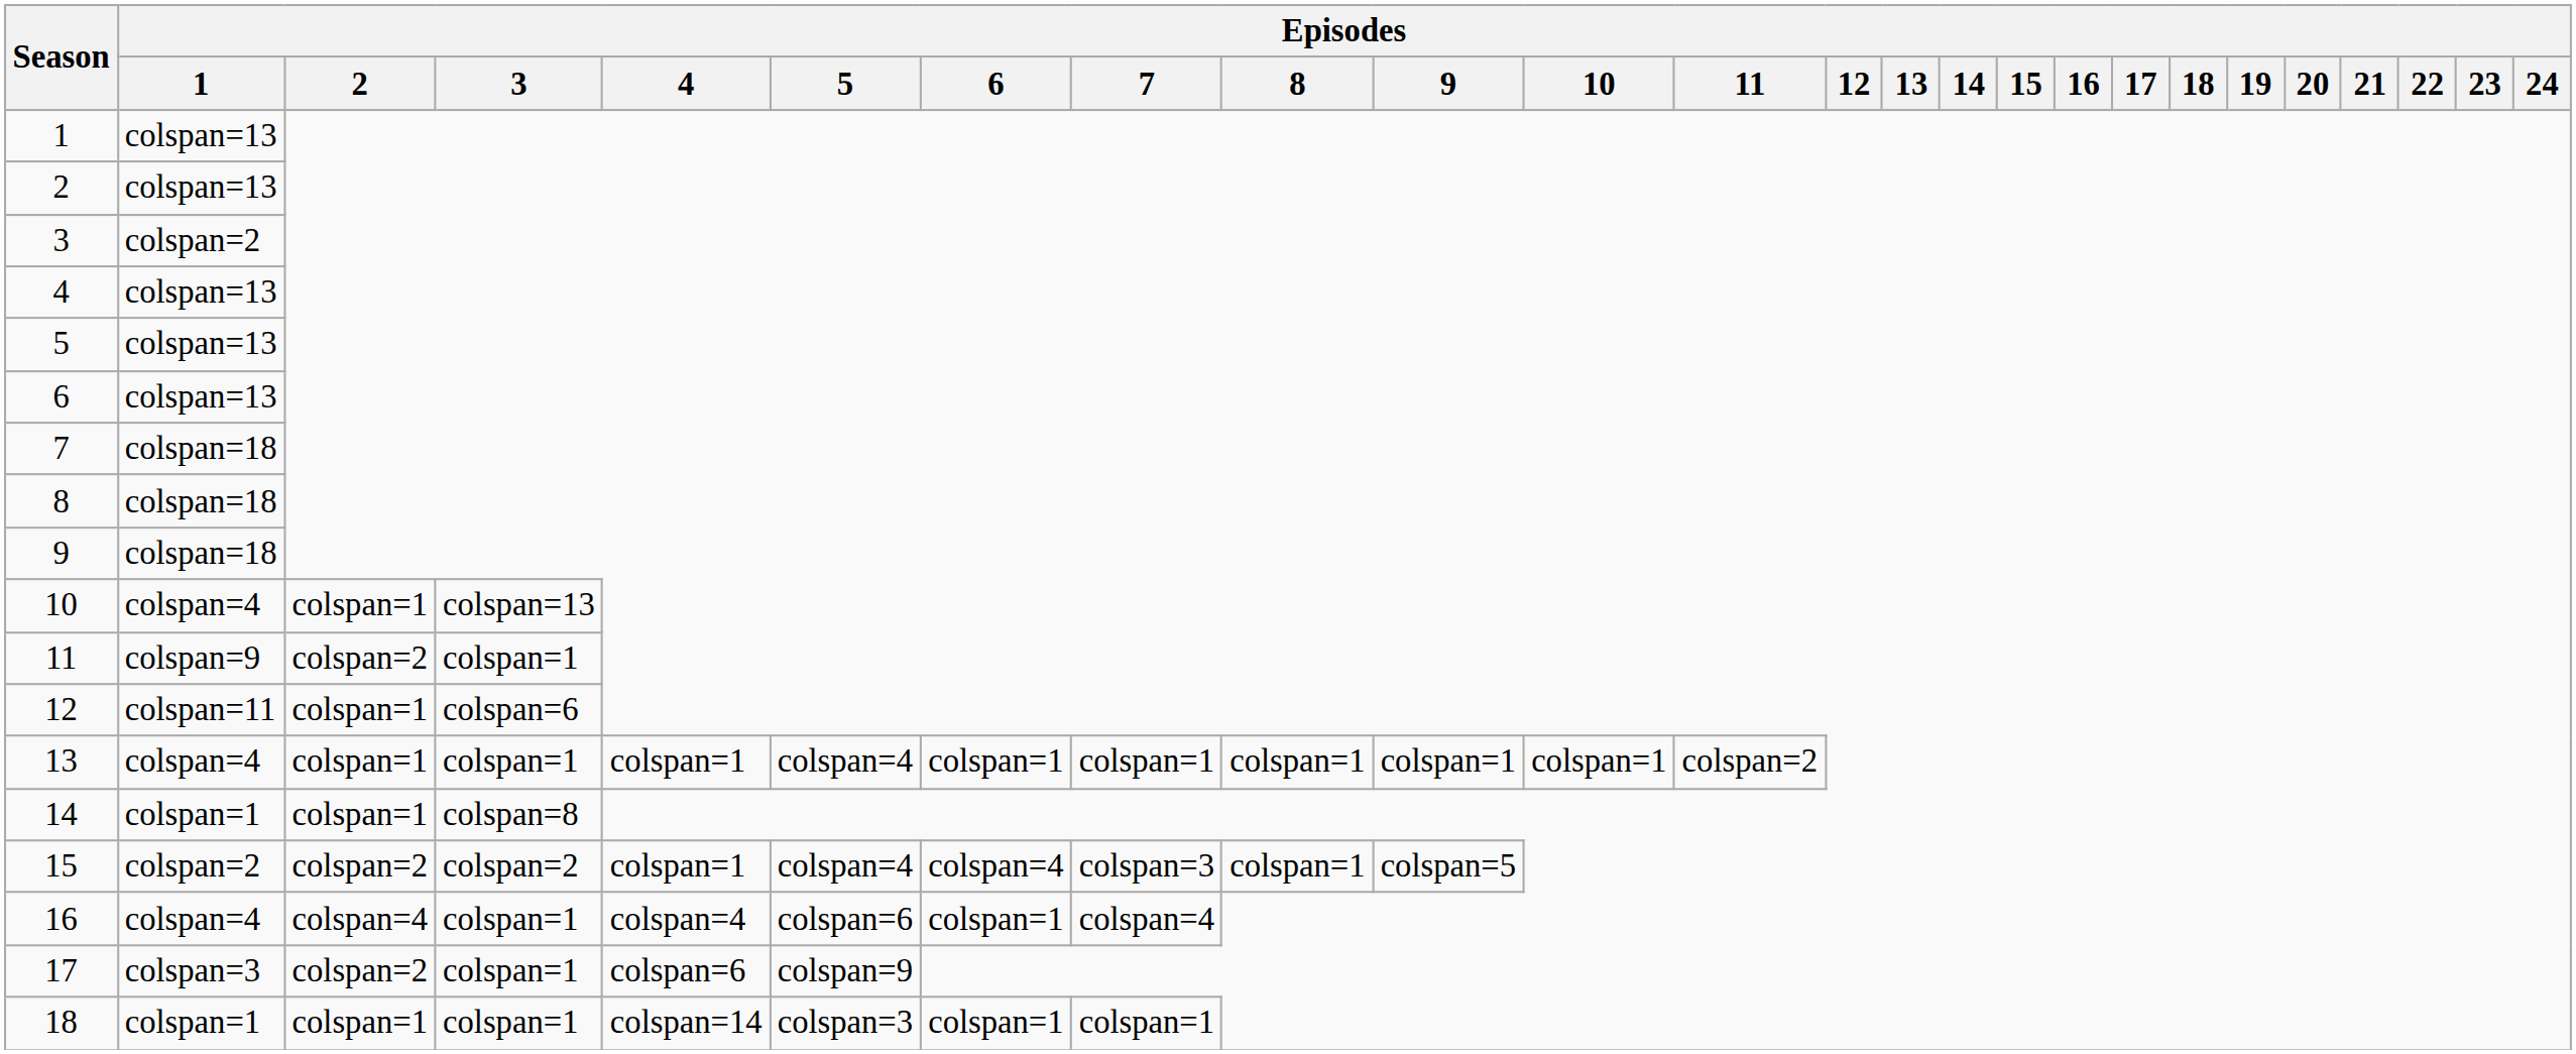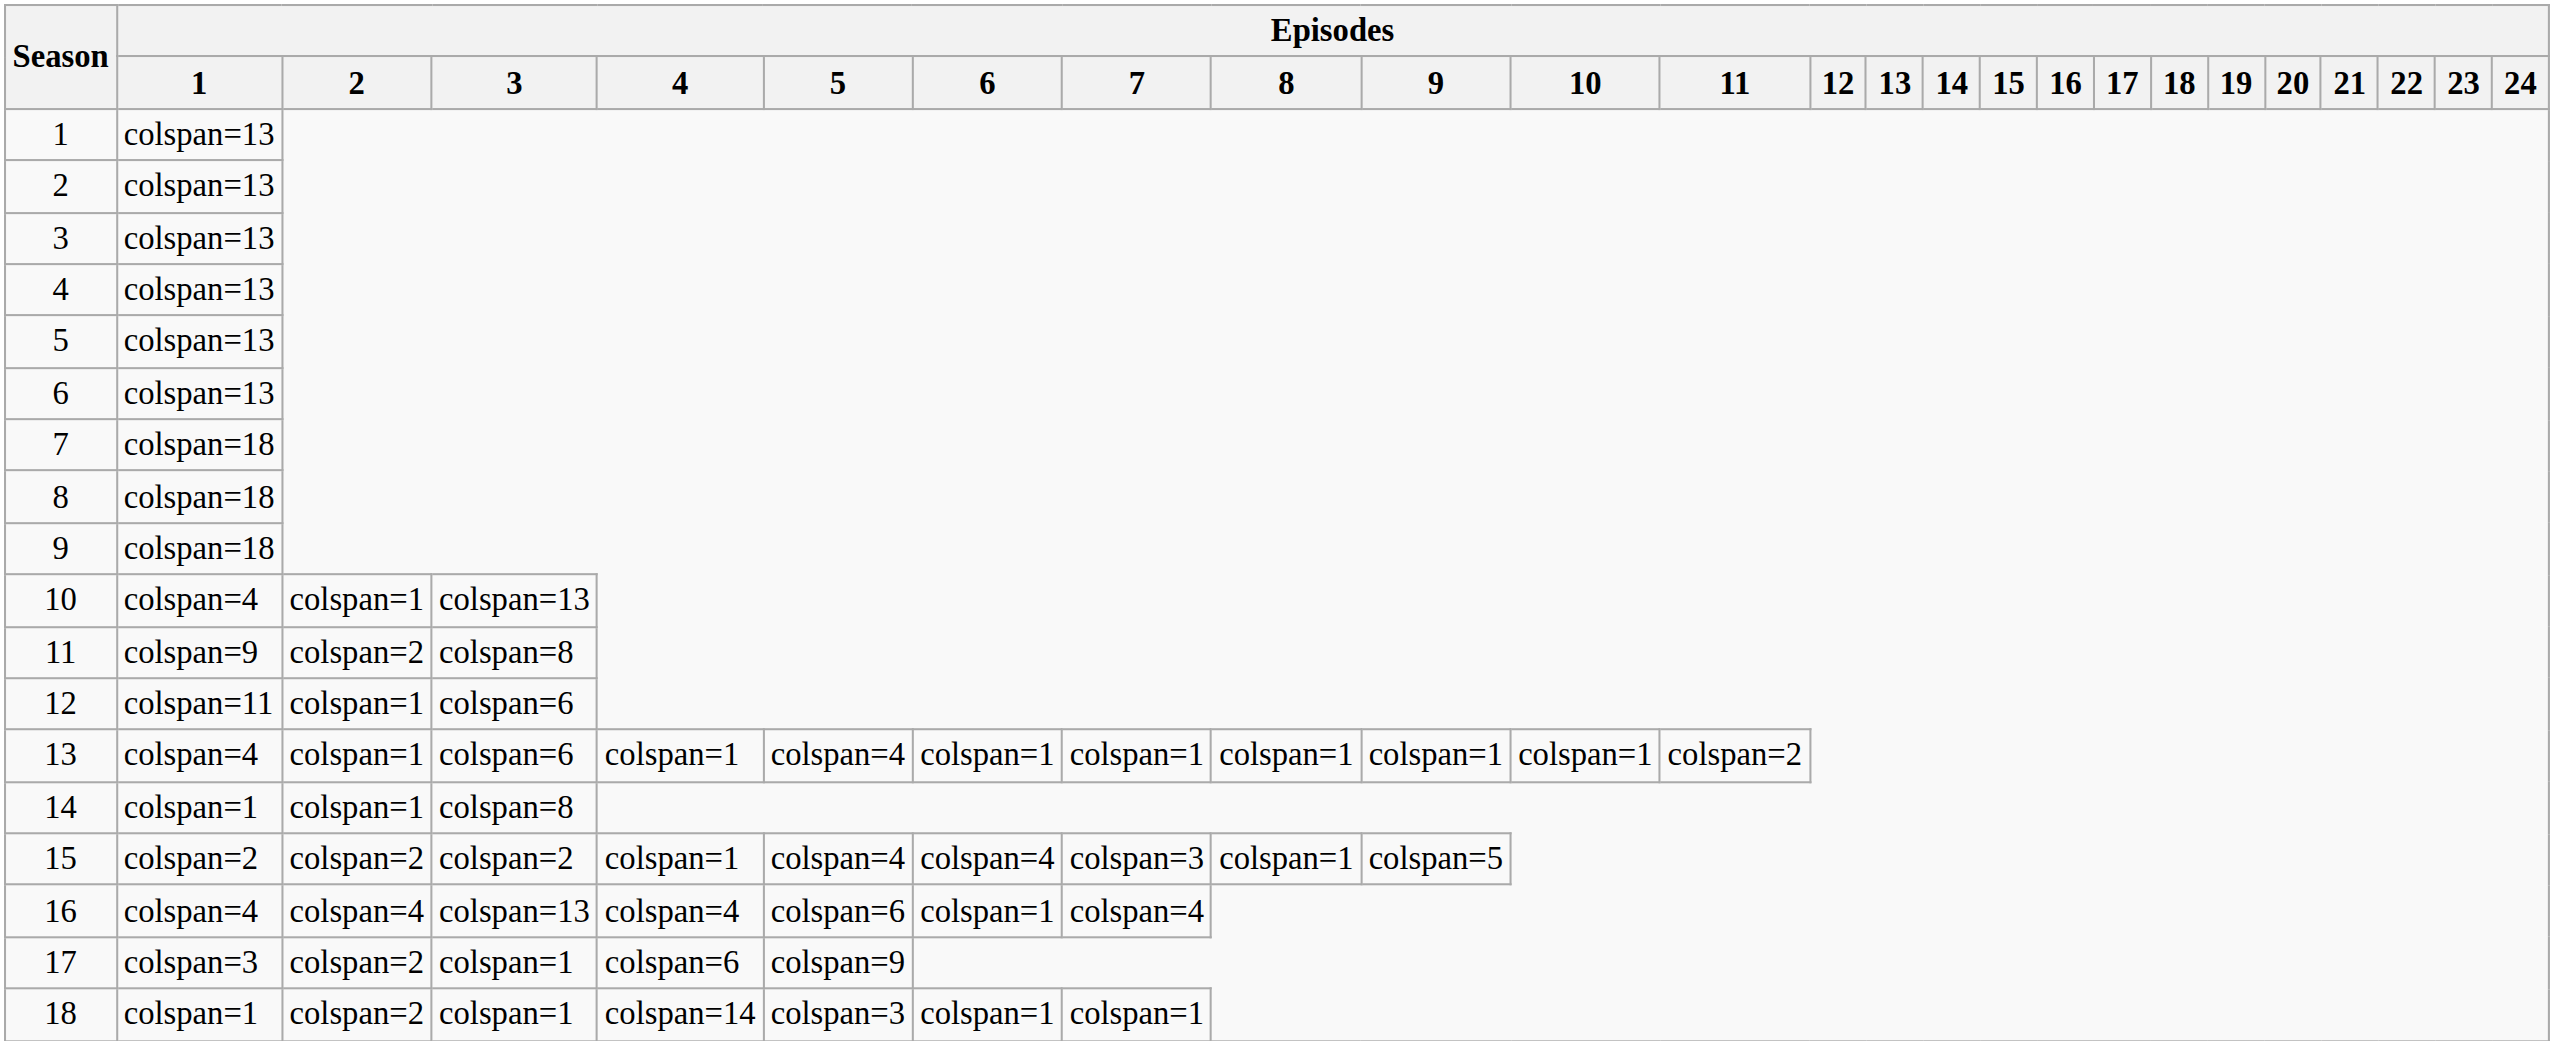 <table class="wikitable">
 <tr>
 <th rowspan=2>Season</th>
 <th colspan=24>Episodes</th>
 </tr>
 <tr>
 <th style="width:4%;">1</th>
 <th style="width:4%;">2</th>
 <th style="width:4%;">3</th>
 <th style="width:4%;">4</th>
 <th style="width:4%;">5</th>
 <th style="width:4%;">6</th>
 <th style="width:4%;">7</th>
 <th style="width:4%;">8</th>
 <th style="width:4%;">9</th>
 <th style="width:4%;">10</th>
 <th style="width:4%;">11</th>
 <th style="width:4%;">12</th>
 <th style="width:4%;">13</th>
 <th style="width:4%;">14</th>
 <th style="width:4%;">15</th>
 <th style="width:4%;">16</th>
 <th style="width:4%;">17</th>
 <th style="width:4%;">18</th>
 <th style="width:4%;">19</th>
 <th style="width:4%;">20</th>
 <th style="width:4%;">21</th>
 <th style="width:4%;">22</th>
 <th style="width:4%;">23</th>
 <th style="width:4%;">24</th>
 </tr>
 <tr>
 <td style="text-align:center;">1</td>
 <td>colspan=13 </td>
 </tr>
 <tr>
 <td style="text-align:center;">2</td>
 <td>colspan=13 </td>
 </tr>
 <tr>
 <td style="text-align:center;">3</td>
-<td>colspan=2 </td>
+<td>colspan=13 </td>
 </tr>
 <tr>
 <td style="text-align:center;">4</td>
 <td>colspan=13 </td>
 </tr>
 <tr>
 <td style="text-align:center;">5</td>
 <td>colspan=13 </td>
 </tr>
 <tr>
 <td style="text-align:center;">6</td>
 <td>colspan=13 </td>
 </tr>
 <tr>
 <td style="text-align:center;">7</td>
 <td>colspan=18 </td>
 </tr>
 <tr>
 <td style="text-align:center;">8</td>
 <td>colspan=18 </td>
 </tr>
 <tr>
 <td style="text-align:center;">9</td>
 <td>colspan=18 </td>
 </tr>
 <tr>
 <td style="text-align:center;">10</td>
 <td>colspan=4 </td>
 <td>colspan=1 </td>
 <td>colspan=13 </td>
 </tr>
 <tr>
 <td style="text-align:center;">11</td>
 <td>colspan=9 </td>
 <td>colspan=2 </td>
-<td>colspan=1 </td>
+<td>colspan=8 </td>
 </tr>
 <tr>
 <td style="text-align:center;">12</td>
 <td>colspan=11 </td>
 <td>colspan=1 </td>
 <td>colspan=6 </td>
 </tr>
 <tr>
 <td style="text-align:center;">13</td>
 <td>colspan=4 </td>
 <td>colspan=1 </td>
-<td>colspan=1 </td>
+<td>colspan=6 </td>
 <td>colspan=1 </td>
 <td>colspan=4 </td>
 <td>colspan=1 </td>
 <td>colspan=1 </td>
 <td>colspan=1 </td>
 <td>colspan=1 </td>
 <td>colspan=1 </td>
 <td>colspan=2 </td>
 </tr>
 <tr>
 <td style="text-align:center;">14</td>
 <td>colspan=1 </td>
 <td>colspan=1 </td>
 <td>colspan=8 </td>
 </tr>
 <tr>
 <td style="text-align:center;">15</td>
 <td>colspan=2 </td>
 <td>colspan=2 </td>
 <td>colspan=2 </td>
 <td>colspan=1 </td>
 <td>colspan=4 </td>
 <td>colspan=4 </td>
 <td>colspan=3 </td>
 <td>colspan=1 </td>
 <td>colspan=5 </td>
 </tr>
 <tr>
 <td style="text-align:center;">16</td>
 <td>colspan=4 </td>
 <td>colspan=4 </td>
-<td>colspan=1 </td>
+<td>colspan=13 </td>
 <td>colspan=4 </td>
 <td>colspan=6 </td>
 <td>colspan=1 </td>
 <td>colspan=4 </td>
 </tr>
 <tr>
 <td style="text-align:center;">17</td>
 <td>colspan=3 </td>
 <td>colspan=2 </td>
 <td>colspan=1 </td>
 <td>colspan=6 </td>
 <td>colspan=9 </td>
 </tr>
 <tr>
 <td style="text-align:center;">18</td>
 <td>colspan=1 </td>
-<td>colspan=1 </td>
+<td>colspan=2 </td>
 <td>colspan=1 </td>
 <td>colspan=14 </td>
 <td>colspan=3 </td>
 <td>colspan=1 </td>
 <td>colspan=1 </td>
 </tr>
 </table>
